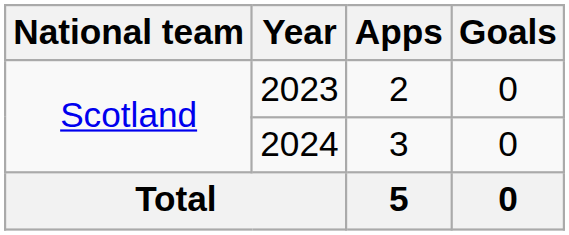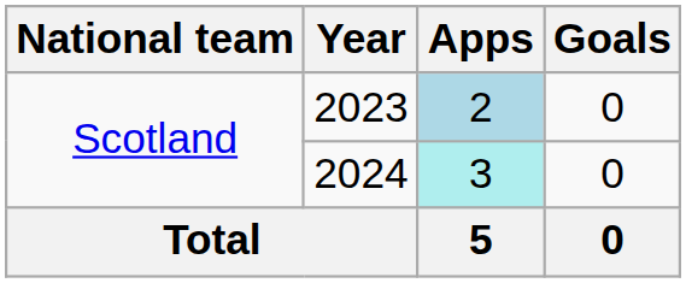 <table class="wikitable" style="text-align:center">
 <tr>
 <th>National team</th>
 <th>Year</th>
 <th>Apps</th>
 <th>Goals</th>
 </tr>
 <tr>
 <td rowspan=2><a href='#'>Scotland</a></td>
 <td>2023</td>
-<td>2</td>
+<td style="background: lightblue;">2</td>
 <td>0</td>
 </tr>
 <tr>
 <td>2024</td>
-<td>3</td>
+<td style="background: paleturquoise;">3</td>
 <td>0</td>
 </tr>
 <tr>
 <th colspan="2">Total</th>
 <th>5</th>
 <th>0</th>
 </tr>
 </table>
